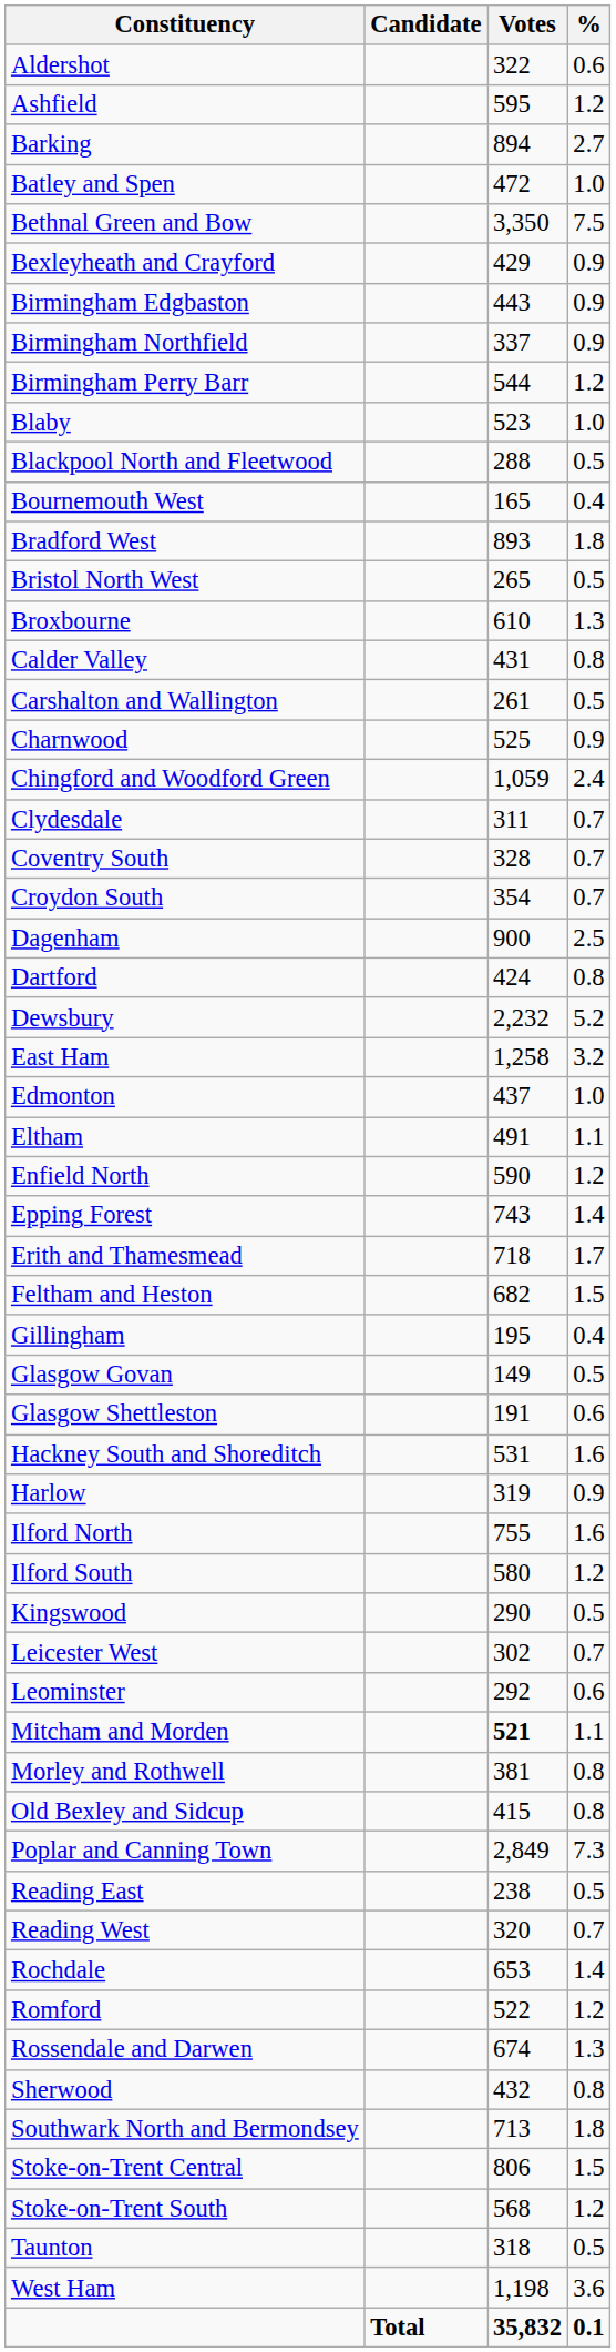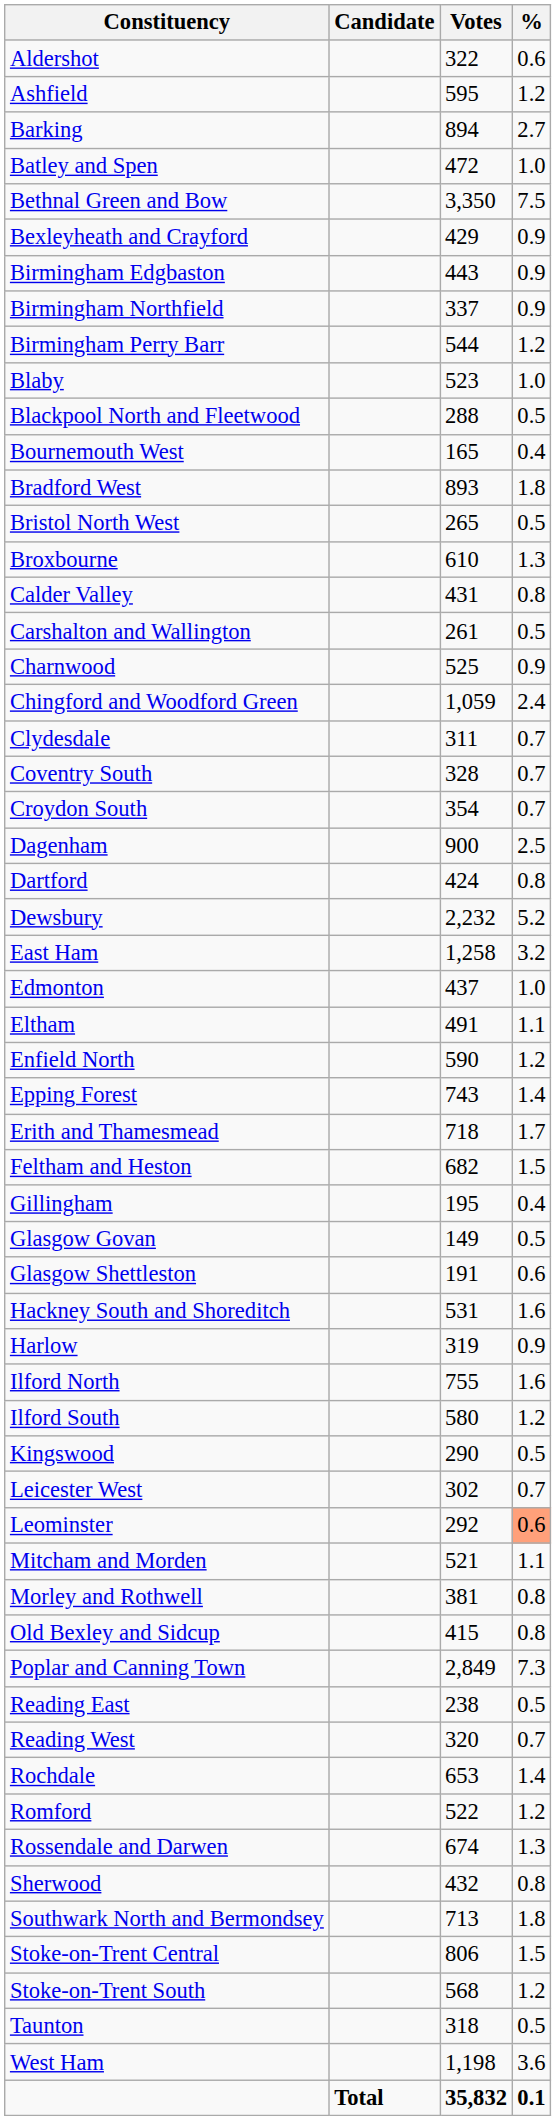 <table class="wikitable sortable">
 <tr>
 <th>Constituency</th>
 <th>Candidate</th>
 <th>Votes</th>
 <th>%</th>
 </tr>
 <tr>
 <td><a href='#'>Aldershot</a></td>
 <td></td>
 <td>322</td>
 <td>0.6</td>
 </tr>
 <tr>
 <td><a href='#'>Ashfield</a></td>
 <td></td>
 <td>595</td>
 <td>1.2</td>
 </tr>
 <tr>
 <td><a href='#'>Barking</a></td>
 <td></td>
 <td>894</td>
 <td>2.7</td>
 </tr>
 <tr>
 <td><a href='#'>Batley and Spen</a></td>
 <td></td>
 <td>472</td>
 <td>1.0</td>
 </tr>
 <tr>
 <td><a href='#'>Bethnal Green and Bow</a></td>
 <td></td>
 <td>3,350</td>
 <td>7.5</td>
 </tr>
 <tr>
 <td><a href='#'>Bexleyheath and Crayford</a></td>
 <td></td>
 <td>429</td>
 <td>0.9</td>
 </tr>
 <tr>
 <td><a href='#'>Birmingham Edgbaston</a></td>
 <td></td>
 <td>443</td>
 <td>0.9</td>
 </tr>
 <tr>
 <td><a href='#'>Birmingham Northfield</a></td>
 <td></td>
 <td>337</td>
 <td>0.9</td>
 </tr>
 <tr>
 <td><a href='#'>Birmingham Perry Barr</a></td>
 <td></td>
 <td>544</td>
 <td>1.2</td>
 </tr>
 <tr>
 <td><a href='#'>Blaby</a></td>
 <td></td>
 <td>523</td>
 <td>1.0</td>
 </tr>
 <tr>
 <td><a href='#'>Blackpool North and Fleetwood</a></td>
 <td></td>
 <td>288</td>
 <td>0.5</td>
 </tr>
 <tr>
 <td><a href='#'>Bournemouth West</a></td>
 <td></td>
 <td>165</td>
 <td>0.4</td>
 </tr>
 <tr>
 <td><a href='#'>Bradford West</a></td>
 <td></td>
 <td>893</td>
 <td>1.8</td>
 </tr>
 <tr>
 <td><a href='#'>Bristol North West</a></td>
 <td></td>
 <td>265</td>
 <td>0.5</td>
 </tr>
 <tr>
 <td><a href='#'>Broxbourne</a></td>
 <td></td>
 <td>610</td>
 <td>1.3</td>
 </tr>
 <tr>
 <td><a href='#'>Calder Valley</a></td>
 <td></td>
 <td>431</td>
 <td>0.8</td>
 </tr>
 <tr>
 <td><a href='#'>Carshalton and Wallington</a></td>
 <td></td>
 <td>261</td>
 <td>0.5</td>
 </tr>
 <tr>
 <td><a href='#'>Charnwood</a></td>
 <td></td>
 <td>525</td>
 <td>0.9</td>
 </tr>
 <tr>
 <td><a href='#'>Chingford and Woodford Green</a></td>
 <td></td>
 <td>1,059</td>
 <td>2.4</td>
 </tr>
 <tr>
 <td><a href='#'>Clydesdale</a></td>
 <td></td>
 <td>311</td>
 <td>0.7</td>
 </tr>
 <tr>
 <td><a href='#'>Coventry South</a></td>
 <td></td>
 <td>328</td>
 <td>0.7</td>
 </tr>
 <tr>
 <td><a href='#'>Croydon South</a></td>
 <td></td>
 <td>354</td>
 <td>0.7</td>
 </tr>
 <tr>
 <td><a href='#'>Dagenham</a></td>
 <td></td>
 <td>900</td>
 <td>2.5</td>
 </tr>
 <tr>
 <td><a href='#'>Dartford</a></td>
 <td></td>
 <td>424</td>
 <td>0.8</td>
 </tr>
 <tr>
 <td><a href='#'>Dewsbury</a></td>
 <td></td>
 <td>2,232</td>
 <td>5.2</td>
 </tr>
 <tr>
 <td><a href='#'>East Ham</a></td>
 <td></td>
 <td>1,258</td>
 <td>3.2</td>
 </tr>
 <tr>
 <td><a href='#'>Edmonton</a></td>
 <td></td>
 <td>437</td>
 <td>1.0</td>
 </tr>
 <tr>
 <td><a href='#'>Eltham</a></td>
 <td></td>
 <td>491</td>
 <td>1.1</td>
 </tr>
 <tr>
 <td><a href='#'>Enfield North</a></td>
 <td></td>
 <td>590</td>
 <td>1.2</td>
 </tr>
 <tr>
 <td><a href='#'>Epping Forest</a></td>
 <td></td>
 <td>743</td>
 <td>1.4</td>
 </tr>
 <tr>
 <td><a href='#'>Erith and Thamesmead</a></td>
 <td></td>
 <td>718</td>
 <td>1.7</td>
 </tr>
 <tr>
 <td><a href='#'>Feltham and Heston</a></td>
 <td></td>
 <td>682</td>
 <td>1.5</td>
 </tr>
 <tr>
 <td><a href='#'>Gillingham</a></td>
 <td></td>
 <td>195</td>
 <td>0.4</td>
 </tr>
 <tr>
 <td><a href='#'>Glasgow Govan</a></td>
 <td></td>
 <td>149</td>
 <td>0.5</td>
 </tr>
 <tr>
 <td><a href='#'>Glasgow Shettleston</a></td>
 <td></td>
 <td>191</td>
 <td>0.6</td>
 </tr>
 <tr>
 <td><a href='#'>Hackney South and Shoreditch</a></td>
 <td></td>
 <td>531</td>
 <td>1.6</td>
 </tr>
 <tr>
 <td><a href='#'>Harlow</a></td>
 <td></td>
 <td>319</td>
 <td>0.9</td>
 </tr>
 <tr>
 <td><a href='#'>Ilford North</a></td>
 <td></td>
 <td>755</td>
 <td>1.6</td>
 </tr>
 <tr>
 <td><a href='#'>Ilford South</a></td>
 <td></td>
 <td>580</td>
 <td>1.2</td>
 </tr>
 <tr>
 <td><a href='#'>Kingswood</a></td>
 <td></td>
 <td>290</td>
 <td>0.5</td>
 </tr>
 <tr>
 <td><a href='#'>Leicester West</a></td>
 <td></td>
 <td>302</td>
 <td>0.7</td>
 </tr>
 <tr>
 <td><a href='#'>Leominster</a></td>
 <td></td>
 <td>292</td>
-<td>0.6</td>
+<td style="background: lightsalmon;">0.6</td>
 </tr>
 <tr>
 <td><a href='#'>Mitcham and Morden</a></td>
 <td></td>
-<td><strong>521</strong></td>
+<td>521</td>
 <td>1.1</td>
 </tr>
 <tr>
 <td><a href='#'>Morley and Rothwell</a></td>
 <td></td>
 <td>381</td>
 <td>0.8</td>
 </tr>
 <tr>
 <td><a href='#'>Old Bexley and Sidcup</a></td>
 <td></td>
 <td>415</td>
 <td>0.8</td>
 </tr>
 <tr>
 <td><a href='#'>Poplar and Canning Town</a></td>
 <td></td>
 <td>2,849</td>
 <td>7.3</td>
 </tr>
 <tr>
 <td><a href='#'>Reading East</a></td>
 <td></td>
 <td>238</td>
 <td>0.5</td>
 </tr>
 <tr>
 <td><a href='#'>Reading West</a></td>
 <td></td>
 <td>320</td>
 <td>0.7</td>
 </tr>
 <tr>
 <td><a href='#'>Rochdale</a></td>
 <td></td>
 <td>653</td>
 <td>1.4</td>
 </tr>
 <tr>
 <td><a href='#'>Romford</a></td>
 <td></td>
 <td>522</td>
 <td>1.2</td>
 </tr>
 <tr>
 <td><a href='#'>Rossendale and Darwen</a></td>
 <td></td>
 <td>674</td>
 <td>1.3</td>
 </tr>
 <tr>
 <td><a href='#'>Sherwood</a></td>
 <td></td>
 <td>432</td>
 <td>0.8</td>
 </tr>
 <tr>
 <td><a href='#'>Southwark North and Bermondsey</a></td>
 <td></td>
 <td>713</td>
 <td>1.8</td>
 </tr>
 <tr>
 <td><a href='#'>Stoke-on-Trent Central</a></td>
 <td></td>
 <td>806</td>
 <td>1.5</td>
 </tr>
 <tr>
 <td><a href='#'>Stoke-on-Trent South</a></td>
 <td></td>
 <td>568</td>
 <td>1.2</td>
 </tr>
 <tr>
 <td><a href='#'>Taunton</a></td>
 <td></td>
 <td>318</td>
 <td>0.5</td>
 </tr>
 <tr>
 <td><a href='#'>West Ham</a></td>
 <td></td>
 <td>1,198</td>
 <td>3.6</td>
 </tr>
 <tr>
 <td></td>
 <td><strong>Total</strong></td>
 <td><strong>35,832</strong></td>
 <td><strong>0.1</strong></td>
 </tr>
 </table>
